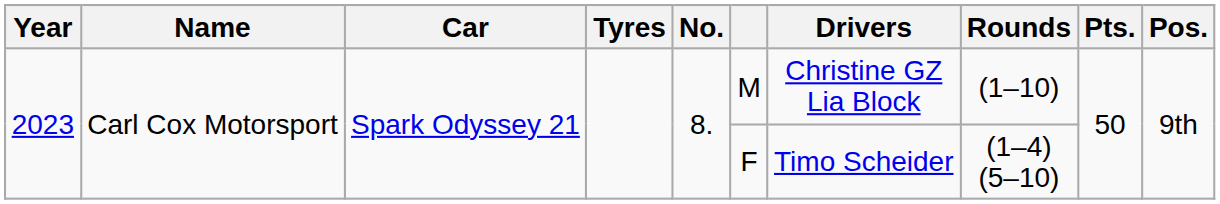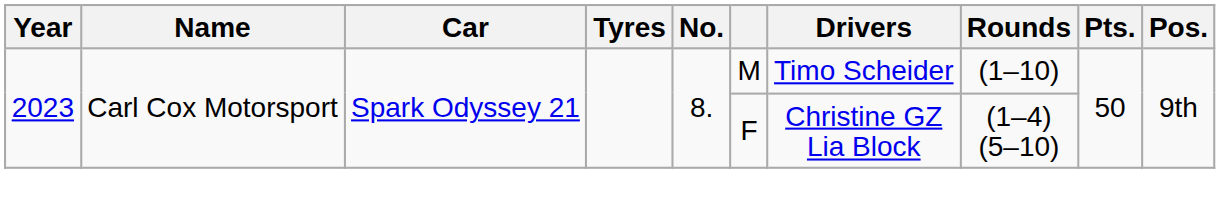 <table class="wikitable" style="text-align:center; font-size:85%">
 <tr>
 <th>Year</th>
 <th>Name</th>
 <th>Car</th>
 <th>Tyres</th>
 <th>No.</th>
 <th></th>
 <th>Drivers</th>
 <th>Rounds</th>
 <th>Pts.</th>
 <th>Pos.</th>
 </tr>
 <tr>
 <td rowspan="2"><a href='#'>2023</a></td>
 <td rowspan="2"> Carl Cox Motorsport</td>
 <td rowspan="2"><a href='#'>Spark Odyssey 21</a></td>
 <td rowspan="2"></td>
 <td rowspan="2">8.</td>
 <td>M</td>
-<td> <a href='#'>Christine GZ</a><br> <a href='#'>Lia Block</a></td>
+<td> <a href='#'>Timo Scheider</a></td>
 <td>(1–10)</td>
 <td rowspan="2">50</td>
 <td rowspan="2">9th</td>
 </tr>
 <tr>
 <td>F</td>
-<td> <a href='#'>Timo Scheider</a></td>
+<td> <a href='#'>Christine GZ</a><br> <a href='#'>Lia Block</a></td>
 <td>(1–4)<br>(5–10)</td>
 </tr>
 </table>
